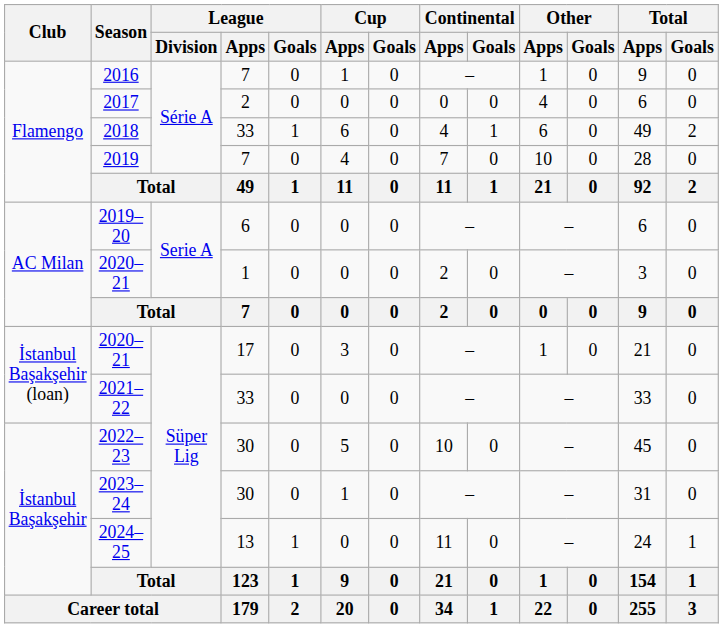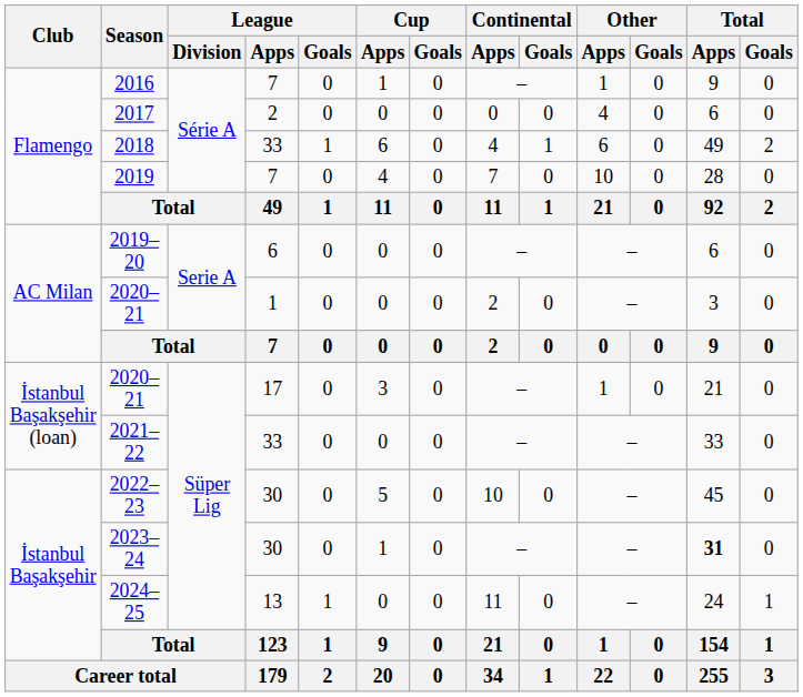 <table class="wikitable" style="text-align:center">
 <tr>
 <th rowspan="2">Club</th>
 <th rowspan="2">Season</th>
 <th colspan="3">League</th>
 <th colspan="2">Cup</th>
 <th colspan="2">Continental</th>
 <th colspan="2">Other</th>
 <th colspan="2">Total</th>
 </tr>
 <tr>
 <th>Division</th>
 <th>Apps</th>
 <th>Goals</th>
 <th>Apps</th>
 <th>Goals</th>
 <th>Apps</th>
 <th>Goals</th>
 <th>Apps</th>
 <th>Goals</th>
 <th>Apps</th>
 <th>Goals</th>
 </tr>
 <tr>
 <td rowspan="5"><a href='#'>Flamengo</a></td>
 <td><a href='#'>2016</a></td>
 <td rowspan="4" valign="center"><a href='#'>Série A</a></td>
 <td>7</td>
 <td>0</td>
 <td>1</td>
 <td>0</td>
 <td colspan="2">–</td>
 <td>1</td>
 <td>0</td>
 <td>9</td>
 <td>0</td>
 </tr>
 <tr>
 <td><a href='#'>2017</a></td>
 <td>2</td>
 <td>0</td>
 <td>0</td>
 <td>0</td>
 <td>0</td>
 <td>0</td>
 <td>4</td>
 <td>0</td>
 <td>6</td>
 <td>0</td>
 </tr>
 <tr>
 <td><a href='#'>2018</a></td>
 <td>33</td>
 <td>1</td>
 <td>6</td>
 <td>0</td>
 <td>4</td>
 <td>1</td>
 <td>6</td>
 <td>0</td>
 <td>49</td>
 <td>2</td>
 </tr>
 <tr>
 <td><a href='#'>2019</a></td>
 <td>7</td>
 <td>0</td>
 <td>4</td>
 <td>0</td>
 <td>7</td>
 <td>0</td>
 <td>10</td>
 <td>0</td>
 <td>28</td>
 <td>0</td>
 </tr>
 <tr>
 <th colspan="2">Total</th>
 <th>49</th>
 <th>1</th>
 <th>11</th>
 <th>0</th>
 <th>11</th>
 <th>1</th>
 <th>21</th>
 <th>0</th>
 <th>92</th>
 <th>2</th>
 </tr>
 <tr>
 <td rowspan="3"><a href='#'>AC Milan</a></td>
 <td><a href='#'>2019–20</a></td>
 <td rowspan="2" valign="center"><a href='#'>Serie A</a></td>
 <td>6</td>
 <td>0</td>
 <td>0</td>
 <td>0</td>
 <td colspan="2">–</td>
 <td colspan="2">–</td>
 <td>6</td>
 <td>0</td>
 </tr>
 <tr>
 <td><a href='#'>2020–21</a></td>
 <td>1</td>
 <td>0</td>
 <td>0</td>
 <td>0</td>
 <td>2</td>
 <td>0</td>
 <td colspan="2">–</td>
 <td>3</td>
 <td>0</td>
 </tr>
 <tr>
 <th colspan="2">Total</th>
 <th>7</th>
 <th>0</th>
 <th>0</th>
 <th>0</th>
 <th>2</th>
 <th>0</th>
 <th>0</th>
 <th>0</th>
 <th>9</th>
 <th>0</th>
 </tr>
 <tr>
 <td rowspan="2"><a href='#'>İstanbul Başakşehir</a> (loan)</td>
 <td><a href='#'>2020–21</a></td>
 <td rowspan="5" valign="center"><a href='#'>Süper Lig</a></td>
 <td>17</td>
 <td>0</td>
 <td>3</td>
 <td>0</td>
 <td colspan="2">–</td>
 <td>1</td>
 <td>0</td>
 <td>21</td>
 <td>0</td>
 </tr>
 <tr>
 <td><a href='#'>2021–22</a></td>
 <td>33</td>
 <td>0</td>
 <td>0</td>
 <td>0</td>
 <td colspan="2">–</td>
 <td colspan="2">–</td>
 <td>33</td>
 <td>0</td>
 </tr>
 <tr>
 <td rowspan="4"><a href='#'>İstanbul Başakşehir</a></td>
 <td><a href='#'>2022–23</a></td>
 <td>30</td>
 <td>0</td>
 <td>5</td>
 <td>0</td>
 <td>10</td>
 <td>0</td>
 <td colspan="2">–</td>
 <td>45</td>
 <td>0</td>
 </tr>
 <tr>
 <td><a href='#'>2023–24</a></td>
 <td>30</td>
 <td>0</td>
 <td>1</td>
 <td>0</td>
 <td colspan="2">–</td>
 <td colspan="2">–</td>
-<td>31</td>
+<td><strong>31</strong></td>
 <td>0</td>
 </tr>
 <tr>
 <td><a href='#'>2024–25</a></td>
 <td>13</td>
 <td>1</td>
 <td>0</td>
 <td>0</td>
 <td>11</td>
 <td>0</td>
 <td colspan="2">–</td>
 <td>24</td>
 <td>1</td>
 </tr>
 <tr>
 <th colspan="2">Total</th>
 <th>123</th>
 <th>1</th>
 <th>9</th>
 <th>0</th>
 <th>21</th>
 <th>0</th>
 <th>1</th>
 <th>0</th>
 <th>154</th>
 <th>1</th>
 </tr>
 <tr>
 <th colspan="3">Career total</th>
 <th>179</th>
 <th>2</th>
 <th>20</th>
 <th>0</th>
 <th>34</th>
 <th>1</th>
 <th>22</th>
 <th>0</th>
 <th>255</th>
 <th>3</th>
 </tr>
 </table>
